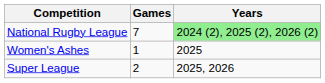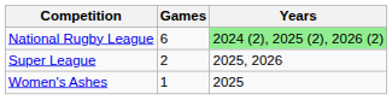 <table class="wikitable">
 <tr>
 <th>Competition</th>
 <th>Games</th>
 <th>Years</th>
 </tr>
 <tr>
 <td> <a href='#'>National Rugby League</a></td>
-<td>7</td>
+<td>6</td>
 <td style="background: lightgreen;">2024 (2), 2025 (2), 2026 (2)</td>
+</tr>
+<tr>
+<td> <a href='#'>Super League</a></td>
+<td>2</td>
+<td>2025, 2026</td>
 </tr>
 <tr>
 <td><a href='#'>Women's Ashes</a></td>
 <td>1</td>
 <td>2025</td>
 </tr>
-<tr>
-<td> <a href='#'>Super League</a></td>
-<td>2</td>
-<td>2025, 2026</td>
-</tr>
 </table>
